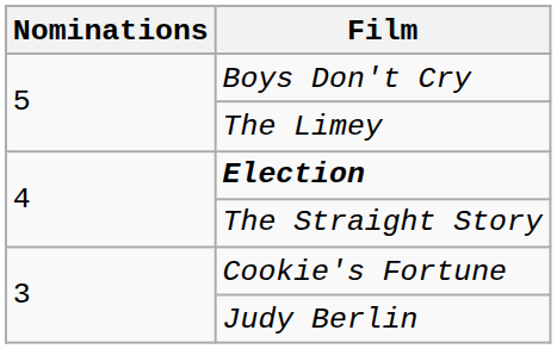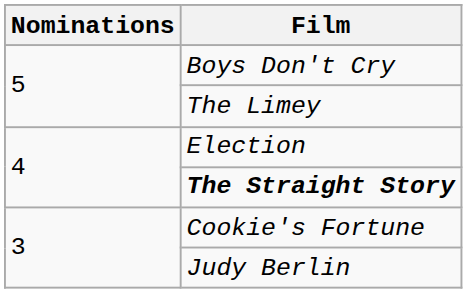 <table class="wikitable">
 <tr>
 <th>Nominations</th>
 <th>Film</th>
 </tr>
 <tr>
 <td rowspan="2" 2>5</td>
 <td><em>Boys Don't Cry</em></td>
 </tr>
 <tr>
 <td><em>The Limey</em></td>
 </tr>
 <tr>
 <td rowspan="2" 2>4</td>
-<td><strong><em>Election</em></strong></td>
+<td><em>Election</em></td>
 </tr>
 <tr>
-<td><em>The Straight Story</em></td>
+<td><strong><em>The Straight Story</em></strong></td>
 </tr>
 <tr>
 <td rowspan="2" 2>3</td>
 <td><em>Cookie's Fortune</em></td>
 </tr>
 <tr>
 <td><em>Judy Berlin</em></td>
 </tr>
 </table>
